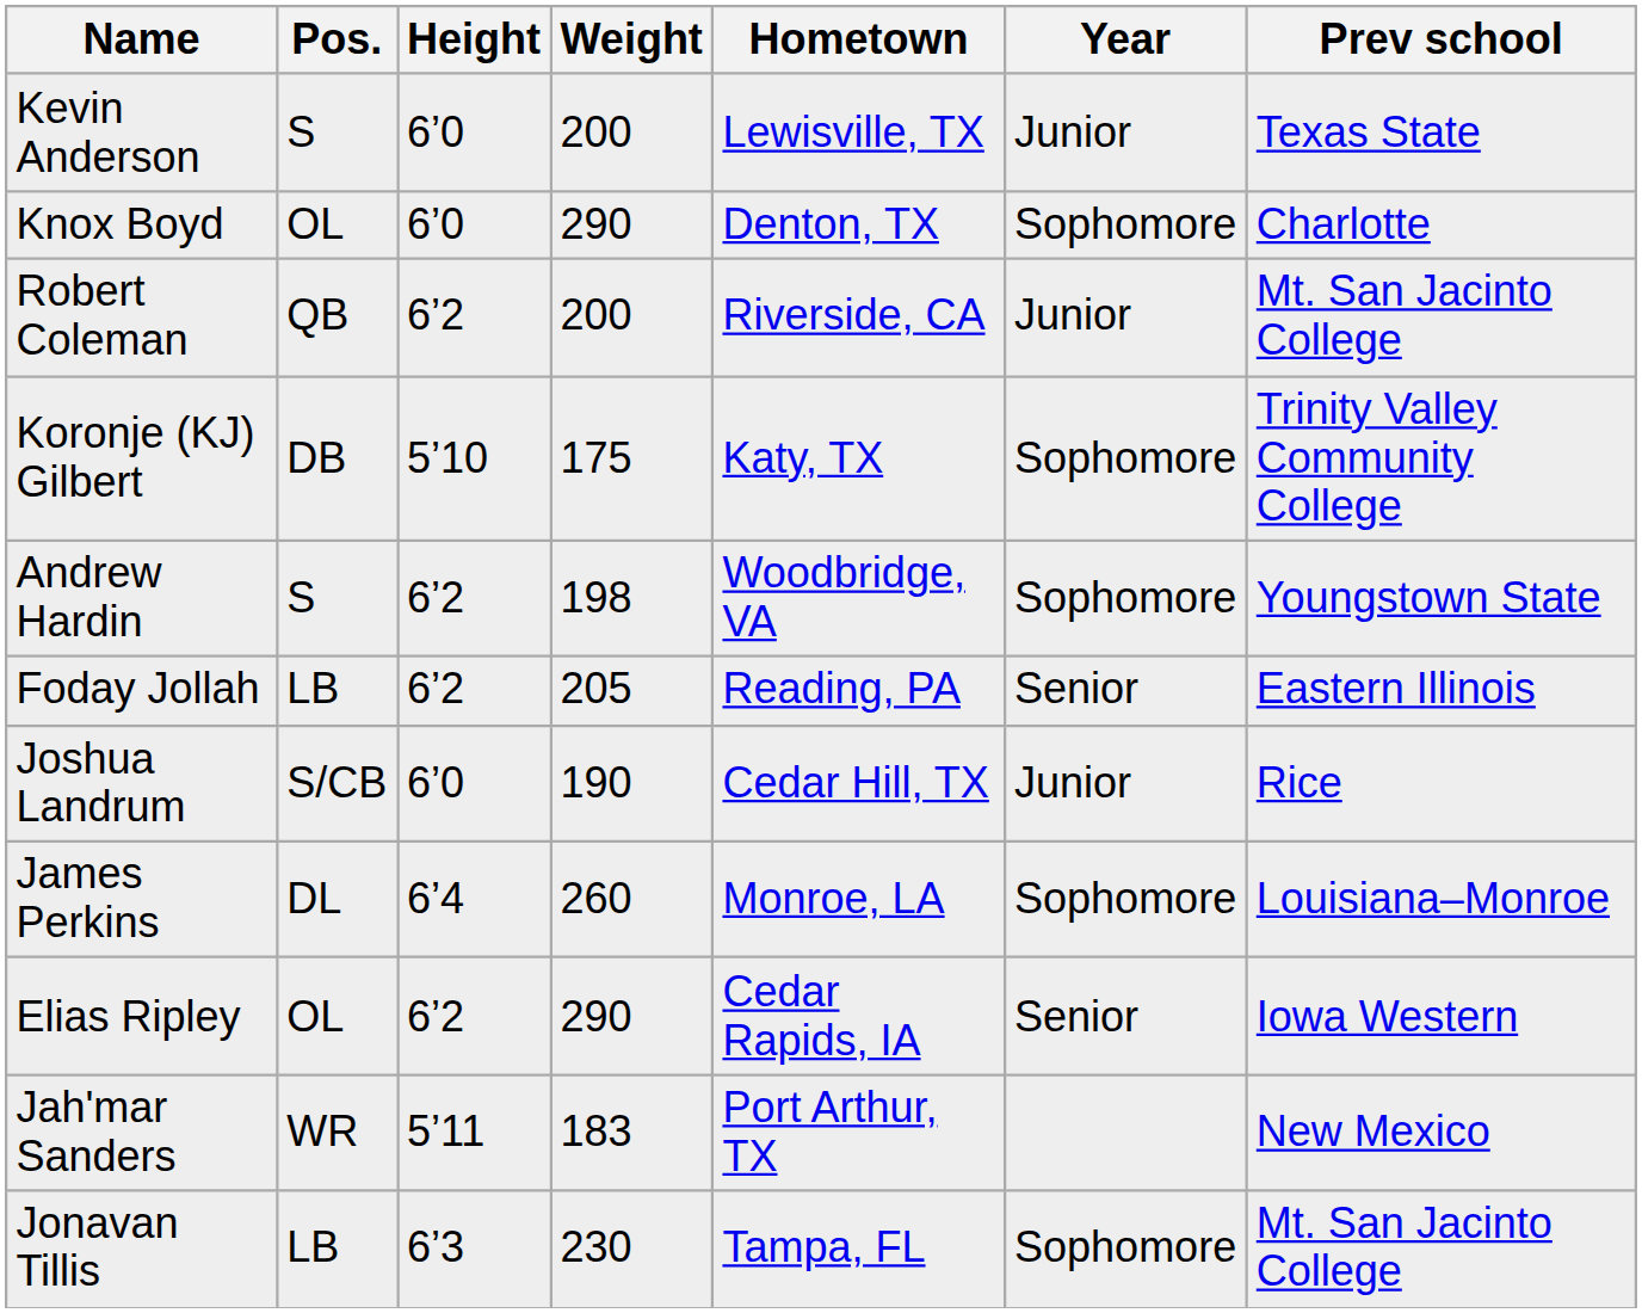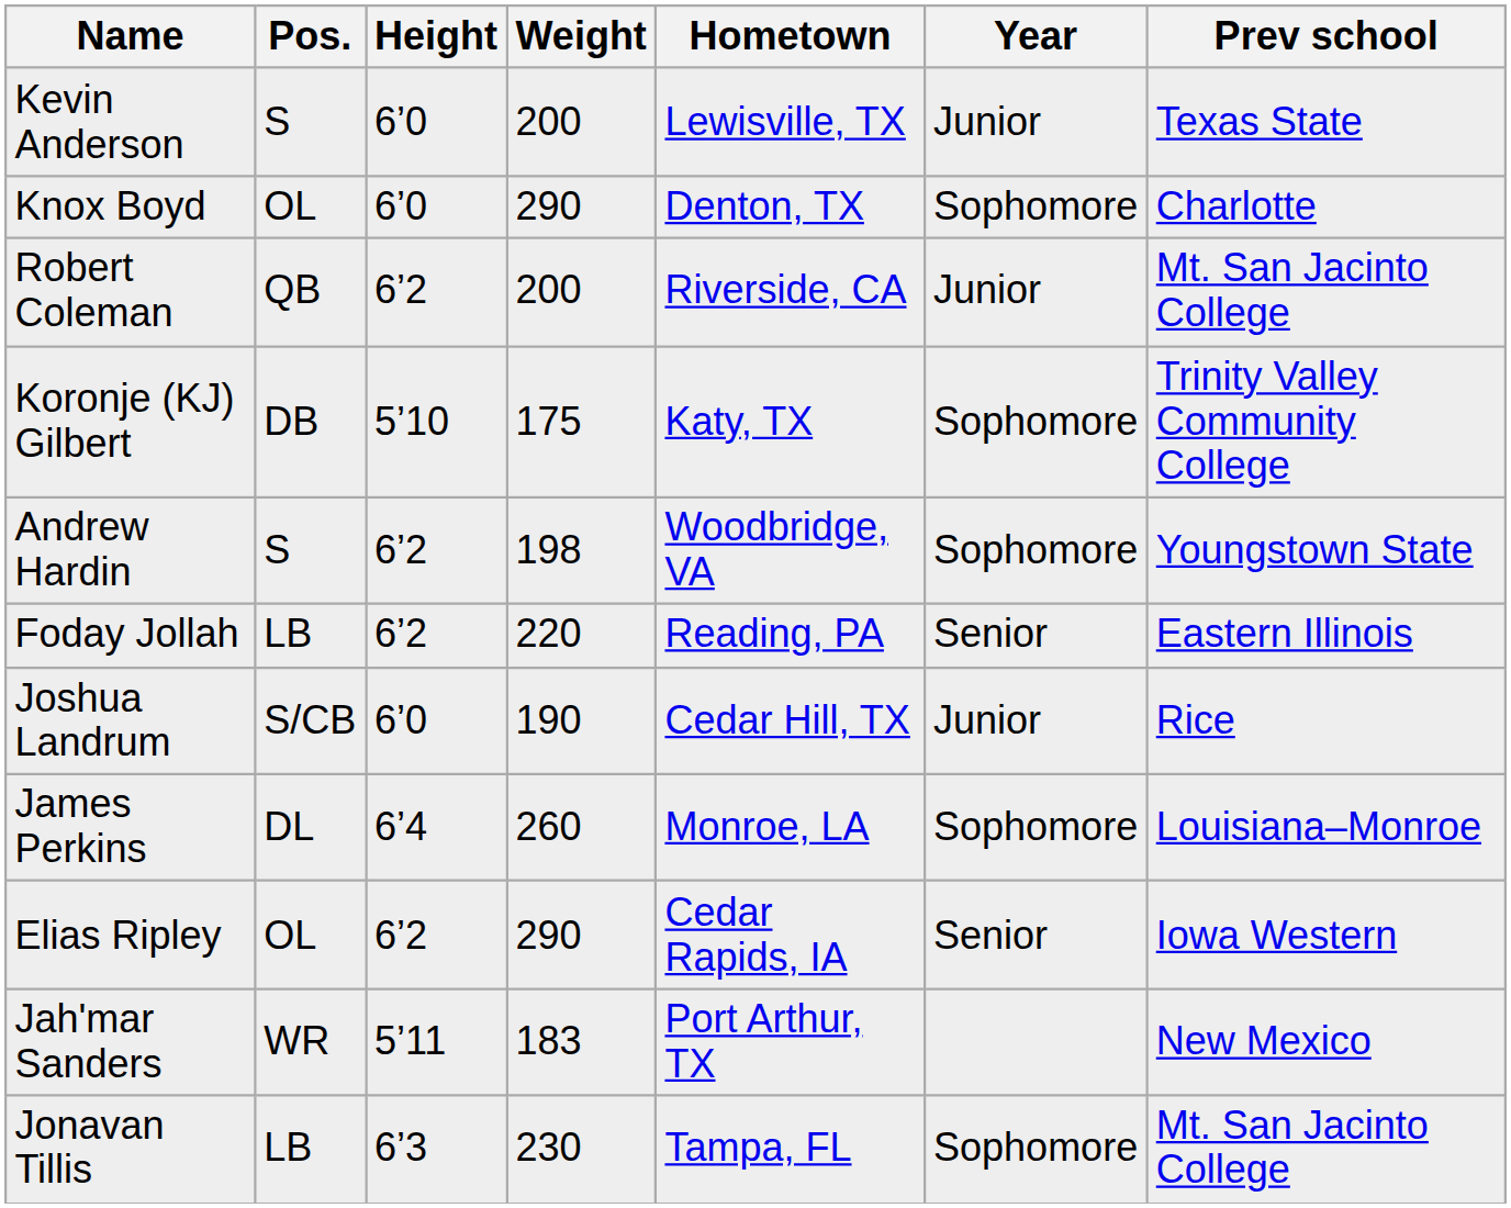 <table class="wikitable sortable collapsible collapsed">
 <tr>
 <th style="text-align:center; ">Name</th>
 <th style="text-align:center; ">Pos.</th>
 <th style="text-align:center; ">Height</th>
 <th style="text-align:center; ">Weight</th>
 <th style="text-align:center; ">Hometown</th>
 <th style="text-align:center; ">Year</th>
 <th style="text-align:center; ">Prev school</th>
 </tr>
 <tr style="background:#eeeeee;">
 <td>Kevin Anderson</td>
 <td>S</td>
 <td>6’0</td>
 <td>200</td>
 <td><a href='#'>Lewisville, TX</a></td>
 <td>Junior</td>
 <td><a href='#'>Texas State</a></td>
 </tr>
 <tr style="background:#eeeeee;">
 <td>Knox Boyd</td>
 <td>OL</td>
 <td>6’0</td>
 <td>290</td>
 <td><a href='#'>Denton, TX</a></td>
 <td>Sophomore</td>
 <td><a href='#'>Charlotte</a></td>
 </tr>
 <tr style="background:#eeeeee;">
 <td>Robert Coleman</td>
 <td>QB</td>
 <td>6’2</td>
 <td>200</td>
 <td><a href='#'>Riverside, CA</a></td>
 <td>Junior</td>
 <td><a href='#'>Mt. San Jacinto College</a></td>
 </tr>
 <tr style="background:#eeeeee;">
 <td>Koronje (KJ) Gilbert</td>
 <td>DB</td>
 <td>5’10</td>
 <td>175</td>
 <td><a href='#'>Katy, TX</a></td>
 <td>Sophomore</td>
 <td><a href='#'>Trinity Valley Community College</a></td>
 </tr>
 <tr style="background:#eeeeee;">
 <td>Andrew Hardin</td>
 <td>S</td>
 <td>6’2</td>
 <td>198</td>
 <td><a href='#'>Woodbridge, VA</a></td>
 <td>Sophomore</td>
 <td><a href='#'>Youngstown State</a></td>
 </tr>
 <tr style="background:#eeeeee;">
 <td>Foday Jollah</td>
 <td>LB</td>
 <td>6’2</td>
-<td>205</td>
+<td>220</td>
 <td><a href='#'>Reading, PA</a></td>
 <td>Senior</td>
 <td><a href='#'>Eastern Illinois</a></td>
 </tr>
 <tr style="background:#eeeeee;">
 <td>Joshua Landrum</td>
 <td>S/CB</td>
 <td>6’0</td>
 <td>190</td>
 <td><a href='#'>Cedar Hill, TX</a></td>
 <td>Junior</td>
 <td><a href='#'>Rice</a></td>
 </tr>
 <tr style="background:#eeeeee;">
 <td>James Perkins</td>
 <td>DL</td>
 <td>6’4</td>
 <td>260</td>
 <td><a href='#'>Monroe, LA</a></td>
 <td>Sophomore</td>
 <td><a href='#'>Louisiana–Monroe</a></td>
 </tr>
 <tr style="background:#eeeeee;">
 <td>Elias Ripley</td>
 <td>OL</td>
 <td>6’2</td>
 <td>290</td>
 <td><a href='#'>Cedar Rapids, IA</a></td>
 <td>Senior</td>
 <td><a href='#'>Iowa Western</a></td>
 </tr>
 <tr style="background:#eeeeee;">
 <td>Jah'mar Sanders</td>
 <td>WR</td>
 <td>5’11</td>
 <td>183</td>
 <td><a href='#'>Port Arthur, TX</a></td>
 <td></td>
 <td><a href='#'>New Mexico</a></td>
 </tr>
 <tr style="background:#eeeeee;">
 <td>Jonavan Tillis</td>
 <td>LB</td>
 <td>6’3</td>
 <td>230</td>
 <td><a href='#'>Tampa, FL</a></td>
 <td>Sophomore</td>
 <td><a href='#'>Mt. San Jacinto College</a></td>
 </tr>
 <tr style="background:#eeeeee;">
 </tr>
 </table>
